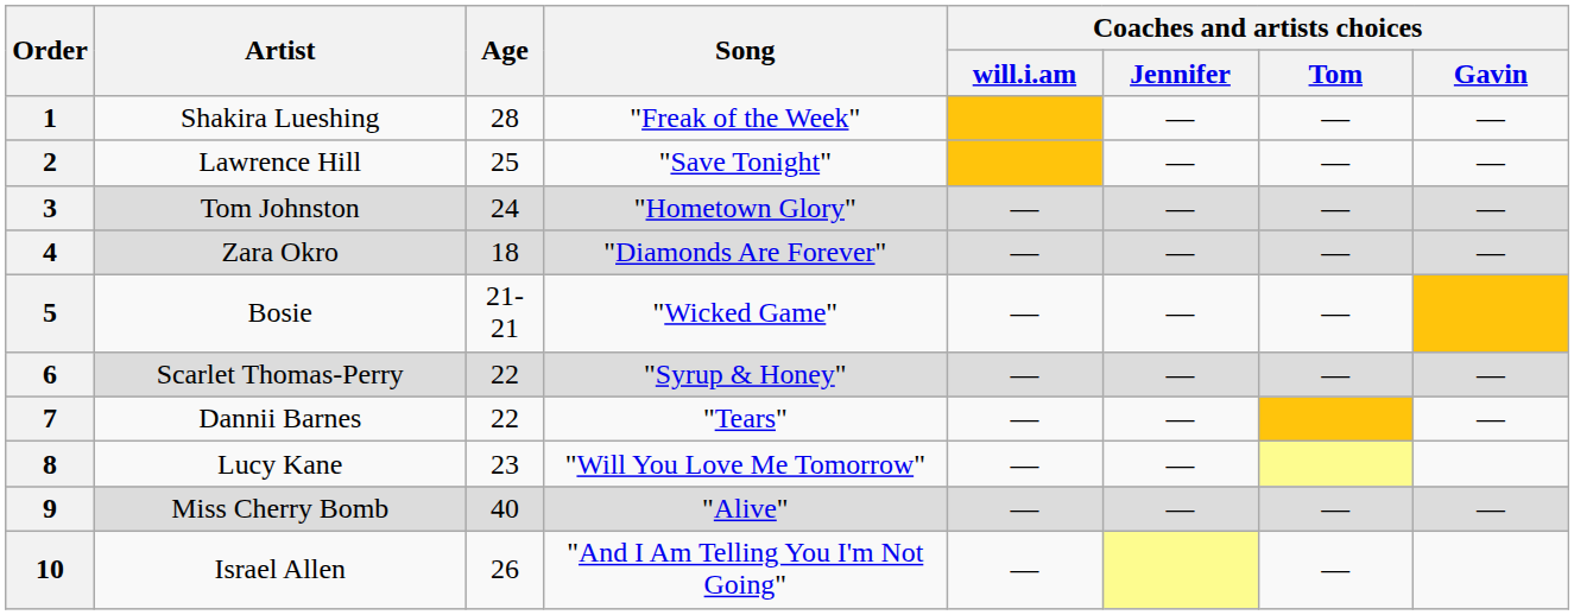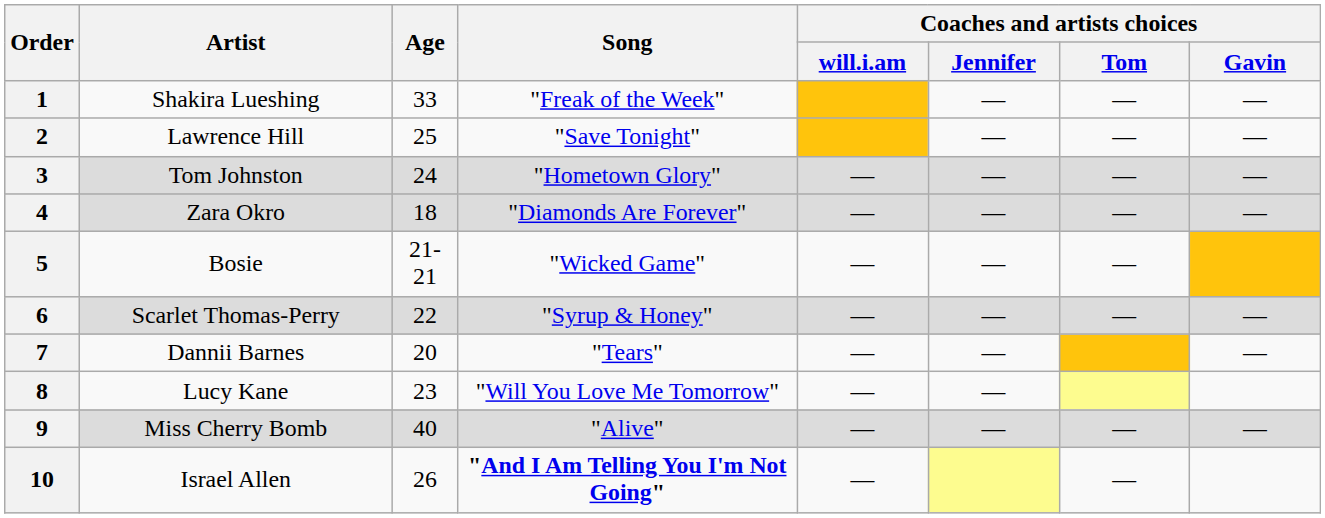 <table class="wikitable" style="text-align:center; width:100%;">
 <tr>
 <th scope="col" rowspan="2" style="width:05%;">Order</th>
 <th scope="col" rowspan="2" style="width:24%;">Artist</th>
 <th scope="col" rowspan="2" style="width:05%;">Age</th>
 <th scope="col" rowspan="2" style="width:26%;">Song</th>
 <th colspan="4" style="width:40%;">Coaches and artists choices</th>
 </tr>
 <tr>
 <th style="width:10%;"><a href='#'>will.i.am</a></th>
 <th style="width:10%;"><a href='#'>Jennifer</a></th>
 <th style="width:10%;"><a href='#'>Tom</a></th>
 <th style="width:10%;"><a href='#'>Gavin</a></th>
 </tr>
 <tr>
 <th>1</th>
 <td>Shakira Lueshing</td>
-<td>28</td>
+<td>33</td>
 <td>"<a href='#'>Freak of the Week</a>"</td>
 <td style="background:#FFC40C;text-align:center;"><strong></strong></td>
 <td>—</td>
 <td>—</td>
 <td>—</td>
 </tr>
 <tr>
 <th>2</th>
 <td>Lawrence Hill</td>
 <td>25</td>
 <td>"<a href='#'>Save Tonight</a>"</td>
 <td style="background:#FFC40C;text-align:center;"><strong></strong></td>
 <td>—</td>
 <td>—</td>
 <td>—</td>
 </tr>
 <tr style="background:#DCDCDC">
 <th>3</th>
 <td style="background:#DCDCDC; text-align:center;">Tom Johnston</td>
 <td style="background:#DCDCDC; text-align:center;">24</td>
 <td style="background:#DCDCDC; text-align:center;">"<a href='#'>Hometown Glory</a>"</td>
 <td>—</td>
 <td>—</td>
 <td>—</td>
 <td>—</td>
 </tr>
 <tr style="background:#DCDCDC">
 <th>4</th>
 <td style="background:#DCDCDC; text-align:center;">Zara Okro</td>
 <td style="background:#DCDCDC; text-align:center;">18</td>
 <td style="background:#DCDCDC; text-align:center;">"<a href='#'>Diamonds Are Forever</a>"</td>
 <td>—</td>
 <td>—</td>
 <td>—</td>
 <td>—</td>
 </tr>
 <tr>
 <th>5</th>
 <td>Bosie</td>
 <td>21-21</td>
 <td>"<a href='#'>Wicked Game</a>"</td>
 <td>—</td>
 <td>—</td>
 <td>—</td>
 <td style="background:#FFC40C;text-align:center;"><strong></strong></td>
 </tr>
 <tr style="background:#DCDCDC">
 <th>6</th>
 <td style="background:#DCDCDC; text-align:center;">Scarlet Thomas-Perry</td>
 <td style="background:#DCDCDC; text-align:center;">22</td>
 <td style="background:#DCDCDC; text-align:center;">"<a href='#'>Syrup & Honey</a>"</td>
 <td>—</td>
 <td>—</td>
 <td>—</td>
 <td>—</td>
 </tr>
 <tr>
 <th>7</th>
 <td>Dannii Barnes</td>
-<td>22</td>
+<td>20</td>
 <td>"<a href='#'>Tears</a>"</td>
 <td>—</td>
 <td>—</td>
 <td style="background:#FFC40C;text-align:center;"><strong></strong></td>
 <td>—</td>
 </tr>
 <tr>
 <th>8</th>
 <td>Lucy Kane</td>
 <td>23</td>
 <td>"<a href='#'>Will You Love Me Tomorrow</a>"</td>
 <td>—</td>
 <td>—</td>
 <td style="background:#fdfc8f;"><strong></strong></td>
 <td><strong></strong></td>
 </tr>
 <tr style="background:#DCDCDC">
 <th>9</th>
 <td style="background:#DCDCDC; text-align:center;">Miss Cherry Bomb</td>
 <td style="background:#DCDCDC; text-align:center;">40</td>
 <td style="background:#DCDCDC; text-align:center;">"<a href='#'>Alive</a>"</td>
 <td>—</td>
 <td>—</td>
 <td>—</td>
 <td>—</td>
 </tr>
 <tr>
 <th>10</th>
 <td>Israel Allen</td>
 <td>26</td>
-<td>"<a href='#'>And I Am Telling You I'm Not Going</a>"</td>
+<td><strong>"<a href='#'>And I Am Telling You I'm Not Going</a>"</strong></td>
 <td>—</td>
 <td style="background:#fdfc8f;"><strong></strong></td>
 <td>—</td>
 <td><strong></strong></td>
 </tr>
 </table>
